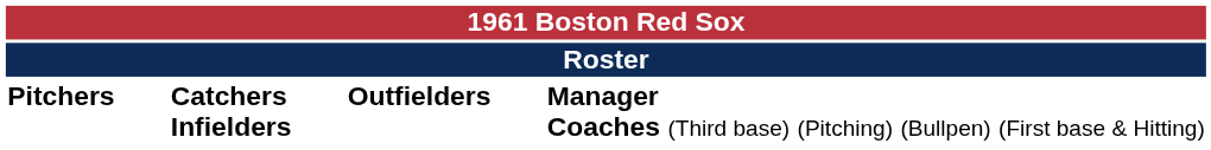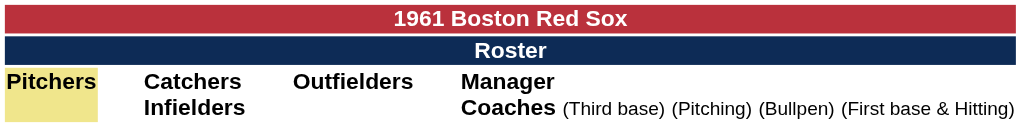 <table class="toccolours" style="text-align: left;">
 <tr>
 <th colspan="10" style="background-color: #ba313c; color: white; text-align: center;">1961 Boston Red Sox</th>
 </tr>
 <tr>
 <td colspan="10" style="background-color: #0d2b56; color: white; text-align: center;"><strong>Roster</strong></td>
 </tr>
 <tr>
-<td valign="top"><strong>Pitchers</strong><br>              </td>
+<td valign="top" style="background: khaki;"><strong>Pitchers</strong><br>              </td>
 <td width="25px"></td>
 <td valign="top"><strong>Catchers</strong><br>   <strong>Infielders</strong>        </td>
 <td width="25px"></td>
 <td valign="top"><strong>Outfielders</strong><br>     </td>
 <td width="25px"></td>
 <td valign="top"><strong>Manager</strong><br> <strong>Coaches</strong>  <small>(Third base)</small>  <small>(Pitching)</small>  <small>(Bullpen)</small>  <small>(First base & Hitting)</small></td>
 </tr>
 <tr>
 </tr>
 </table>
